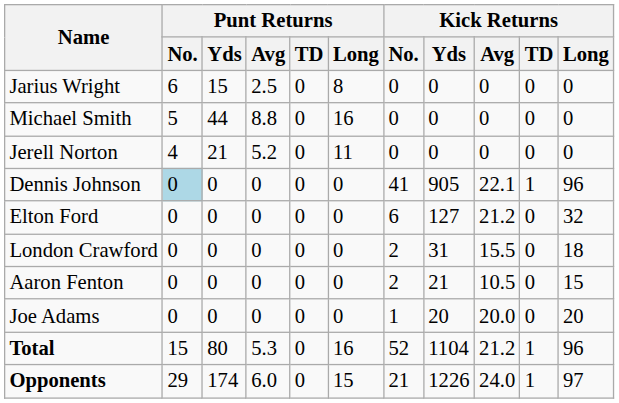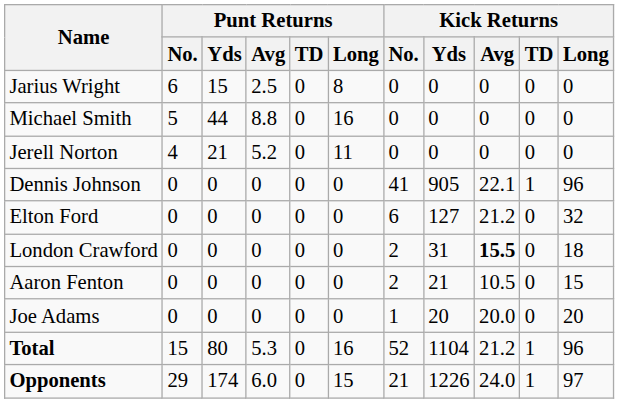 <table class="wikitable" style="white-space:nowrap;">
 <tr>
 <th rowspan="2">Name</th>
 <th colspan="5">Punt Returns</th>
 <th colspan="5">Kick Returns</th>
 </tr>
 <tr>
 <th>No.</th>
 <th>Yds</th>
 <th>Avg</th>
 <th>TD</th>
 <th>Long</th>
 <th>No.</th>
 <th>Yds</th>
 <th>Avg</th>
 <th>TD</th>
 <th>Long</th>
 </tr>
 <tr>
 <td>Jarius Wright</td>
 <td>6</td>
 <td>15</td>
 <td>2.5</td>
 <td>0</td>
 <td>8</td>
 <td>0</td>
 <td>0</td>
 <td>0</td>
 <td>0</td>
 <td>0</td>
 </tr>
 <tr>
 <td>Michael Smith</td>
 <td>5</td>
 <td>44</td>
 <td>8.8</td>
 <td>0</td>
 <td>16</td>
 <td>0</td>
 <td>0</td>
 <td>0</td>
 <td>0</td>
 <td>0</td>
 </tr>
 <tr>
 <td>Jerell Norton</td>
 <td>4</td>
 <td>21</td>
 <td>5.2</td>
 <td>0</td>
 <td>11</td>
 <td>0</td>
 <td>0</td>
 <td>0</td>
 <td>0</td>
 <td>0</td>
 </tr>
 <tr>
 <td>Dennis Johnson</td>
-<td style="background: lightblue;">0</td>
+<td>0</td>
 <td>0</td>
 <td>0</td>
 <td>0</td>
 <td>0</td>
 <td>41</td>
 <td>905</td>
 <td>22.1</td>
 <td>1</td>
 <td>96</td>
 </tr>
 <tr>
 <td>Elton Ford</td>
 <td>0</td>
 <td>0</td>
 <td>0</td>
 <td>0</td>
 <td>0</td>
 <td>6</td>
 <td>127</td>
 <td>21.2</td>
 <td>0</td>
 <td>32</td>
 </tr>
 <tr>
 <td>London Crawford</td>
 <td>0</td>
 <td>0</td>
 <td>0</td>
 <td>0</td>
 <td>0</td>
 <td>2</td>
 <td>31</td>
-<td>15.5</td>
+<td><strong>15.5</strong></td>
 <td>0</td>
 <td>18</td>
 </tr>
 <tr>
 <td>Aaron Fenton</td>
 <td>0</td>
 <td>0</td>
 <td>0</td>
 <td>0</td>
 <td>0</td>
 <td>2</td>
 <td>21</td>
 <td>10.5</td>
 <td>0</td>
 <td>15</td>
 </tr>
 <tr>
 <td>Joe Adams</td>
 <td>0</td>
 <td>0</td>
 <td>0</td>
 <td>0</td>
 <td>0</td>
 <td>1</td>
 <td>20</td>
 <td>20.0</td>
 <td>0</td>
 <td>20</td>
 </tr>
 <tr>
 <td><strong>Total</strong></td>
 <td>15</td>
 <td>80</td>
 <td>5.3</td>
 <td>0</td>
 <td>16</td>
 <td>52</td>
 <td>1104</td>
 <td>21.2</td>
 <td>1</td>
 <td>96</td>
 </tr>
 <tr>
 <td><strong>Opponents</strong></td>
 <td>29</td>
 <td>174</td>
 <td>6.0</td>
 <td>0</td>
 <td>15</td>
 <td>21</td>
 <td>1226</td>
 <td>24.0</td>
 <td>1</td>
 <td>97</td>
 </tr>
 </table>
